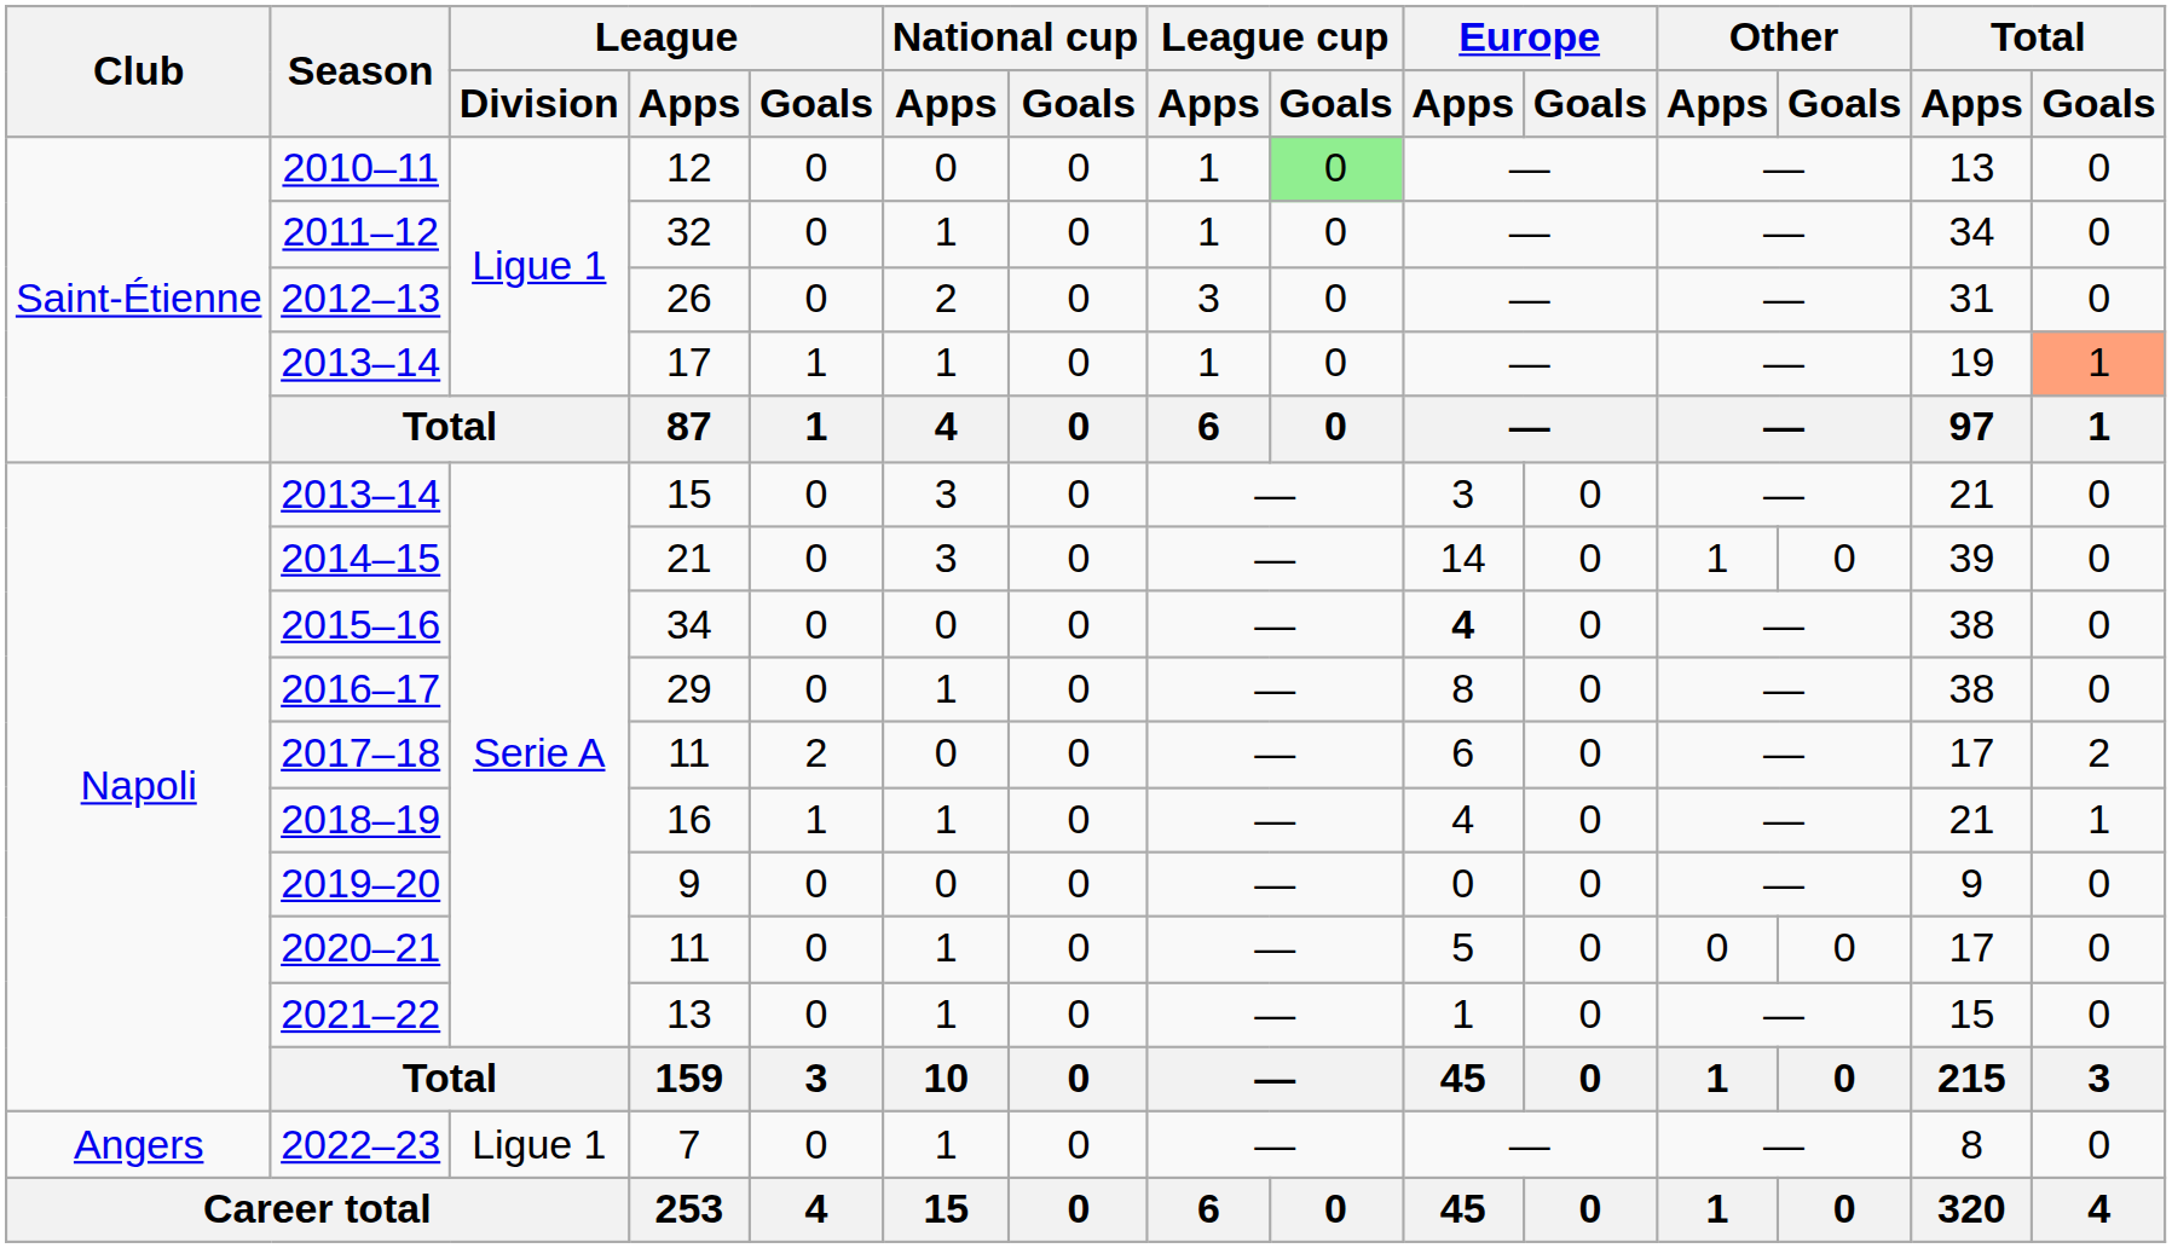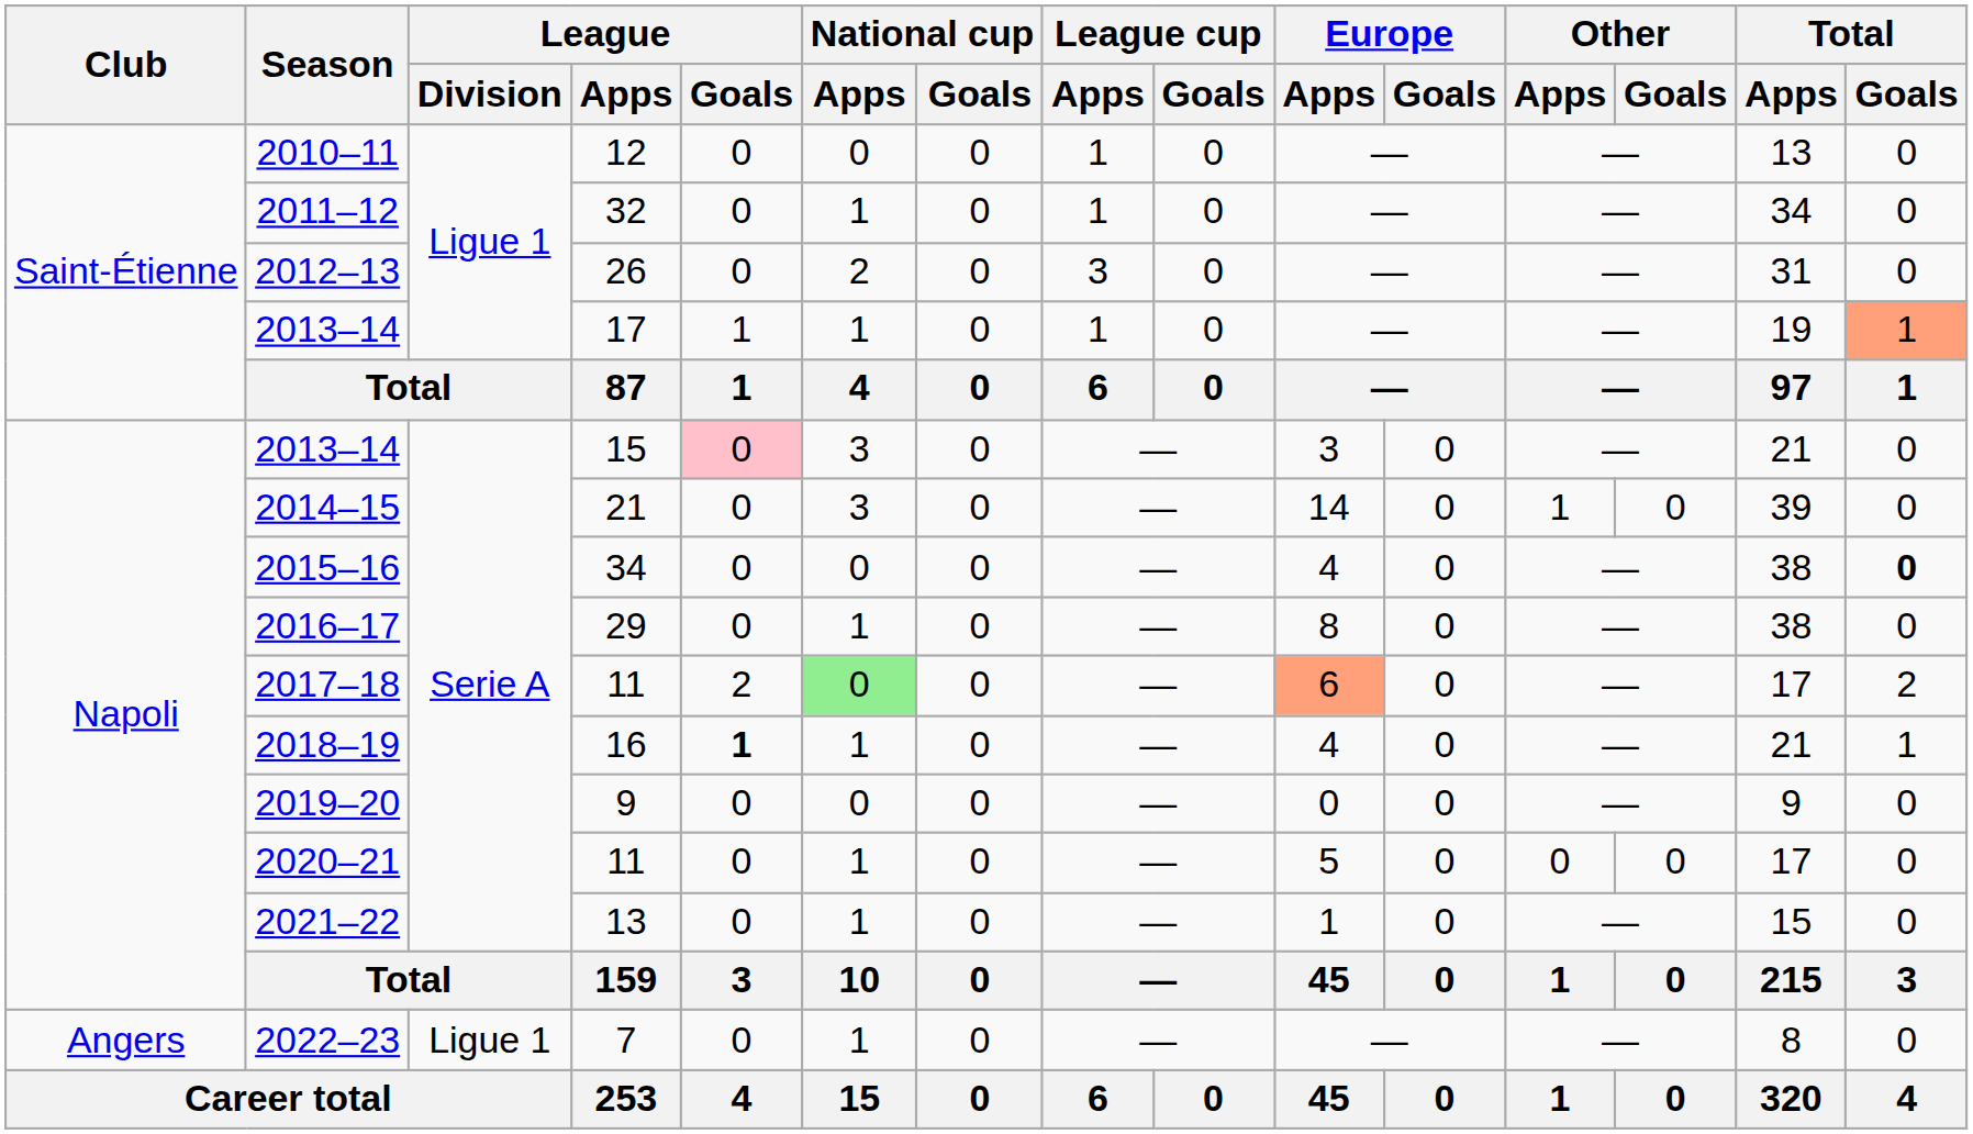 <table class="wikitable" style="text-align:center">
 <tr>
 <th rowspan="2">Club</th>
 <th rowspan="2">Season</th>
 <th colspan="3">League</th>
 <th colspan="2">National cup</th>
 <th colspan="2">League cup</th>
 <th colspan="2"><a href='#'>Europe</a></th>
 <th colspan="2">Other</th>
 <th colspan="2">Total</th>
 </tr>
 <tr>
 <th>Division</th>
 <th>Apps</th>
 <th>Goals</th>
 <th>Apps</th>
 <th>Goals</th>
 <th>Apps</th>
 <th>Goals</th>
 <th>Apps</th>
 <th>Goals</th>
 <th>Apps</th>
 <th>Goals</th>
 <th>Apps</th>
 <th>Goals</th>
 </tr>
 <tr>
 <td rowspan="5"><a href='#'>Saint-Étienne</a></td>
 <td><a href='#'>2010–11</a></td>
 <td rowspan="4"><a href='#'>Ligue 1</a></td>
 <td>12</td>
 <td>0</td>
 <td>0</td>
 <td>0</td>
 <td>1</td>
-<td style="background: lightgreen;">0</td>
+<td>0</td>
 <td colspan="2">—</td>
 <td colspan="2">—</td>
 <td>13</td>
 <td>0</td>
 </tr>
 <tr>
 <td><a href='#'>2011–12</a></td>
 <td>32</td>
 <td>0</td>
 <td>1</td>
 <td>0</td>
 <td>1</td>
 <td>0</td>
 <td colspan="2">—</td>
 <td colspan="2">—</td>
 <td>34</td>
 <td>0</td>
 </tr>
 <tr>
 <td><a href='#'>2012–13</a></td>
 <td>26</td>
 <td>0</td>
 <td>2</td>
 <td>0</td>
 <td>3</td>
 <td>0</td>
 <td colspan="2">—</td>
 <td colspan="2">—</td>
 <td>31</td>
 <td>0</td>
 </tr>
 <tr>
 <td><a href='#'>2013–14</a></td>
 <td>17</td>
 <td>1</td>
 <td>1</td>
 <td>0</td>
 <td>1</td>
 <td>0</td>
 <td colspan="2">—</td>
 <td colspan="2">—</td>
 <td>19</td>
 <td style="background: lightsalmon;">1</td>
 </tr>
 <tr>
 <th colspan="2">Total</th>
 <th>87</th>
 <th>1</th>
 <th>4</th>
 <th>0</th>
 <th>6</th>
 <th>0</th>
 <th colspan="2">—</th>
 <th colspan="2">—</th>
 <th>97</th>
 <th>1</th>
 </tr>
 <tr>
 <td rowspan="10"><a href='#'>Napoli</a></td>
 <td><a href='#'>2013–14</a></td>
 <td rowspan="9"><a href='#'>Serie A</a></td>
 <td>15</td>
-<td>0</td>
+<td style="background: pink;">0</td>
 <td>3</td>
 <td>0</td>
 <td colspan="2">—</td>
 <td>3</td>
 <td>0</td>
 <td colspan="2">—</td>
 <td>21</td>
 <td>0</td>
 </tr>
 <tr>
 <td><a href='#'>2014–15</a></td>
 <td>21</td>
 <td>0</td>
 <td>3</td>
 <td>0</td>
 <td colspan="2">—</td>
 <td>14</td>
 <td>0</td>
 <td>1</td>
 <td>0</td>
 <td>39</td>
 <td>0</td>
 </tr>
 <tr>
 <td><a href='#'>2015–16</a></td>
 <td>34</td>
 <td>0</td>
 <td>0</td>
 <td>0</td>
 <td colspan="2">—</td>
-<td><strong>4</strong></td>
+<td>4</td>
 <td>0</td>
 <td colspan="2">—</td>
 <td>38</td>
-<td>0</td>
+<td><strong>0</strong></td>
 </tr>
 <tr>
 <td><a href='#'>2016–17</a></td>
 <td>29</td>
 <td>0</td>
 <td>1</td>
 <td>0</td>
 <td colspan="2">—</td>
 <td>8</td>
 <td>0</td>
 <td colspan="2">—</td>
 <td>38</td>
 <td>0</td>
 </tr>
 <tr>
 <td><a href='#'>2017–18</a></td>
 <td>11</td>
 <td>2</td>
-<td>0</td>
+<td style="background: lightgreen;">0</td>
 <td>0</td>
 <td colspan="2">—</td>
-<td>6</td>
+<td style="background: lightsalmon;">6</td>
 <td>0</td>
 <td colspan="2">—</td>
 <td>17</td>
 <td>2</td>
 </tr>
 <tr>
 <td><a href='#'>2018–19</a></td>
 <td>16</td>
-<td>1</td>
+<td><strong>1</strong></td>
 <td>1</td>
 <td>0</td>
 <td colspan="2">—</td>
 <td>4</td>
 <td>0</td>
 <td colspan="2">—</td>
 <td>21</td>
 <td>1</td>
 </tr>
 <tr>
 <td><a href='#'>2019–20</a></td>
 <td>9</td>
 <td>0</td>
 <td>0</td>
 <td>0</td>
 <td colspan="2">—</td>
 <td>0</td>
 <td>0</td>
 <td colspan="2">—</td>
 <td>9</td>
 <td>0</td>
 </tr>
 <tr>
 <td><a href='#'>2020–21</a></td>
 <td>11</td>
 <td>0</td>
 <td>1</td>
 <td>0</td>
 <td colspan="2">—</td>
 <td>5</td>
 <td>0</td>
 <td>0</td>
 <td>0</td>
 <td>17</td>
 <td>0</td>
 </tr>
 <tr>
 <td><a href='#'>2021–22</a></td>
 <td>13</td>
 <td>0</td>
 <td>1</td>
 <td>0</td>
 <td colspan="2">—</td>
 <td>1</td>
 <td>0</td>
 <td colspan="2">—</td>
 <td>15</td>
 <td>0</td>
 </tr>
 <tr>
 <th colspan="2">Total</th>
 <th>159</th>
 <th>3</th>
 <th>10</th>
 <th>0</th>
 <th colspan="2">—</th>
 <th>45</th>
 <th>0</th>
 <th>1</th>
 <th>0</th>
 <th>215</th>
 <th>3</th>
 </tr>
 <tr>
 <td><a href='#'>Angers</a></td>
 <td><a href='#'>2022–23</a></td>
 <td>Ligue 1</td>
 <td>7</td>
 <td>0</td>
 <td>1</td>
 <td>0</td>
 <td colspan="2">—</td>
 <td colspan="2">—</td>
 <td colspan="2">—</td>
 <td>8</td>
 <td>0</td>
 </tr>
 <tr>
 <th colspan="3">Career total</th>
 <th>253</th>
 <th>4</th>
 <th>15</th>
 <th>0</th>
 <th>6</th>
 <th>0</th>
 <th>45</th>
 <th>0</th>
 <th>1</th>
 <th>0</th>
 <th>320</th>
 <th>4</th>
 </tr>
 </table>
